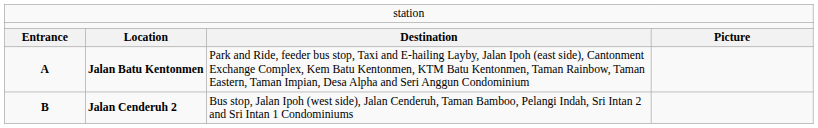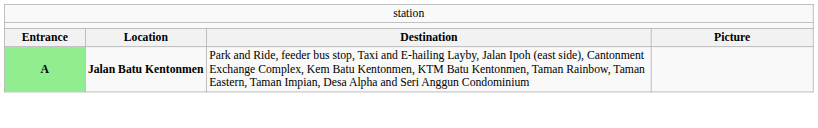 <table class="wikitable" style="width:70%">
 <tr>
 <td colspan="4" align="center"> station</td>
 </tr>
 <tr>
 <td colspan="4" align="center"></td>
 </tr>
 <tr>
 <th style="width:10%">Entrance</th>
 <th style="width:15%">Location</th>
 <th style="width:55%">Destination</th>
 <th style="width:20%">Picture</th>
 </tr>
 <tr>
-<td align="center"><strong><span>A</span></strong></td>
+<td align="center" style="background: lightgreen;"><strong><span>A</span></strong></td>
 <td><strong>Jalan Batu Kentonmen</strong></td>
 <td>Park and Ride, feeder bus stop, Taxi and E-hailing Layby, Jalan Ipoh (east side), Cantonment Exchange Complex, Kem Batu Kentonmen, KTM Batu Kentonmen, Taman Rainbow, Taman Eastern, Taman Impian, Desa Alpha and Seri Anggun Condominium</td>
 <td></td>
 </tr>
-<tr>
-<td align="center"><strong><span>B</span></strong></td>
-<td><strong>Jalan Cenderuh 2</strong></td>
-<td>Bus stop, Jalan Ipoh (west side), Jalan Cenderuh, Taman Bamboo, Pelangi Indah, Sri Intan 2 and Sri Intan 1 Condominiums</td>
-<td></td>
-</tr>
 </table>
